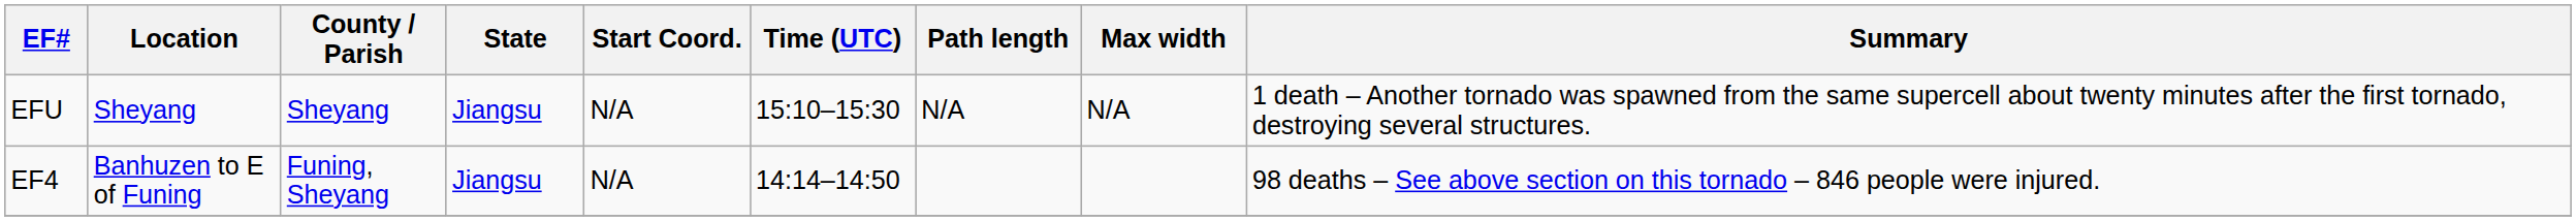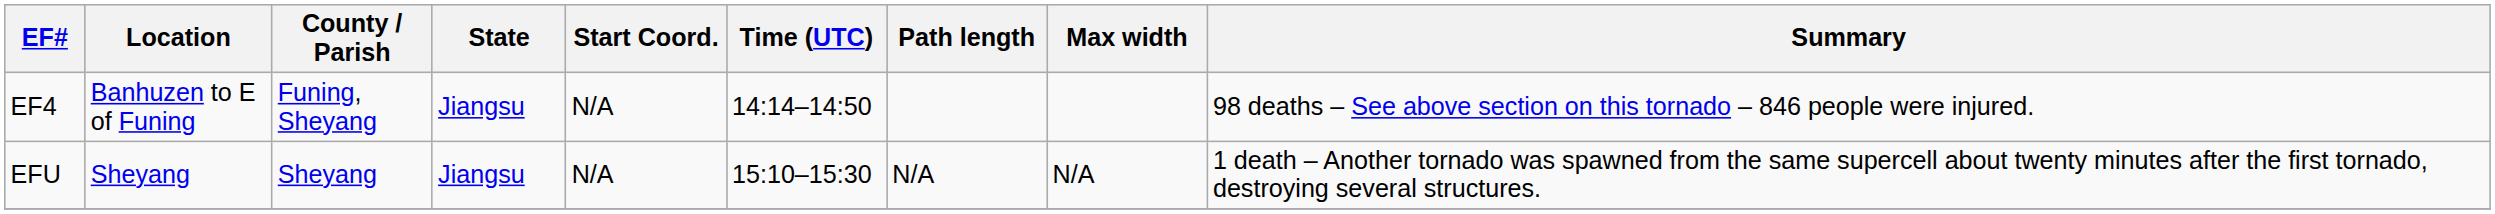 <table class="wikitable sortable" style="width:100%;">
 <tr>
 <th scope="col"  style="width:3%; text-align:center;"><a href='#'>EF#</a></th>
 <th scope="col"  style="width:7%; text-align:center;" class="unsortable">Location</th>
 <th scope="col"  style="width:6%; text-align:center;" class="unsortable">County / Parish</th>
 <th scope="col"  style="width:5%; text-align:center;">State</th>
 <th scope="col"  style="width:6%; text-align:center;">Start Coord.</th>
 <th scope="col"  style="width:6%; text-align:center;">Time (<a href='#'>UTC</a>)</th>
 <th scope="col"  style="width:6%; text-align:center;">Path length</th>
 <th scope="col"  style="width:6%; text-align:center;">Max width</th>
 <th scope="col" class="unsortable" style="width:48%; text-align:center;">Summary</th>
 </tr>
 <tr>
+<td>EF4</td>
+<td><a href='#'>Banhuzen</a> to E of <a href='#'>Funing</a></td>
+<td><a href='#'>Funing</a>, <a href='#'>Sheyang</a></td>
+<td><a href='#'>Jiangsu</a></td>
+<td>N/A</td>
+<td>14:14–14:50</td>
+<td></td>
+<td></td>
+<td>98 deaths – <a href='#'>See above section on this tornado</a> – 846 people were injured.</td>
+</tr>
+<tr>
 <td>EFU</td>
 <td><a href='#'>Sheyang</a></td>
 <td><a href='#'>Sheyang</a></td>
 <td><a href='#'>Jiangsu</a></td>
 <td>N/A</td>
 <td>15:10–15:30</td>
 <td>N/A</td>
 <td>N/A</td>
 <td>1 death – Another tornado was spawned from the same supercell about twenty minutes after the first tornado, destroying several structures.</td>
 </tr>
 <tr>
-<td>EF4</td>
-<td><a href='#'>Banhuzen</a> to E of <a href='#'>Funing</a></td>
-<td><a href='#'>Funing</a>, <a href='#'>Sheyang</a></td>
-<td><a href='#'>Jiangsu</a></td>
-<td>N/A</td>
-<td>14:14–14:50</td>
-<td></td>
-<td></td>
-<td>98 deaths – <a href='#'>See above section on this tornado</a> – 846 people were injured.</td>
-</tr>
-<tr>
 </tr>
 </table>
